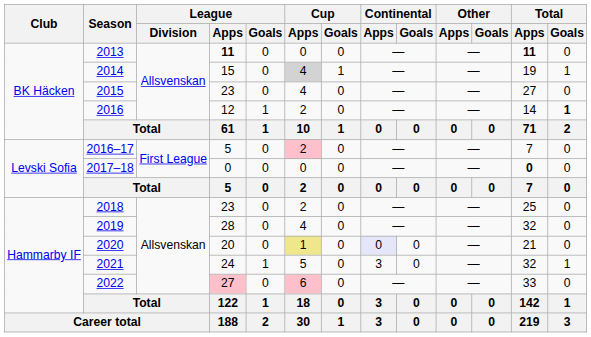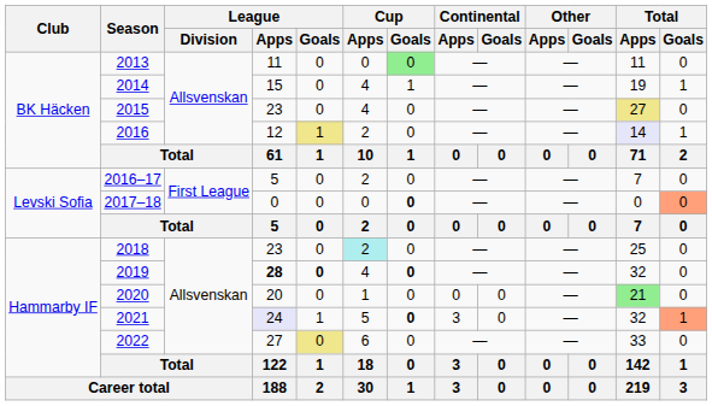 <table class="wikitable" style="text-align:center">
 <tr>
 <th rowspan="2">Club</th>
 <th rowspan="2">Season</th>
 <th colspan="3">League</th>
 <th colspan="2">Cup</th>
 <th colspan="2">Continental</th>
 <th colspan="2">Other</th>
 <th colspan="2">Total</th>
 </tr>
 <tr>
 <th>Division</th>
 <th>Apps</th>
 <th>Goals</th>
 <th>Apps</th>
 <th>Goals</th>
 <th>Apps</th>
 <th>Goals</th>
 <th>Apps</th>
 <th>Goals</th>
 <th>Apps</th>
 <th>Goals</th>
 </tr>
 <tr>
 <td rowspan="5"><a href='#'>BK Häcken</a></td>
 <td><a href='#'>2013</a></td>
 <td rowspan="4"><a href='#'>Allsvenskan</a></td>
-<td><strong>11</strong></td>
+<td>11</td>
 <td>0</td>
 <td>0</td>
-<td>0</td>
+<td style="background: lightgreen;">0</td>
 <td colspan="2">—</td>
 <td colspan="2">—</td>
-<td><strong>11</strong></td>
+<td>11</td>
 <td>0</td>
 </tr>
 <tr>
 <td><a href='#'>2014</a></td>
 <td>15</td>
 <td>0</td>
-<td style="background: lightgrey;">4</td>
+<td>4</td>
 <td>1</td>
 <td colspan="2">—</td>
 <td colspan="2">—</td>
 <td>19</td>
 <td>1</td>
 </tr>
 <tr>
 <td><a href='#'>2015</a></td>
 <td>23</td>
 <td>0</td>
 <td>4</td>
 <td>0</td>
 <td colspan="2">—</td>
 <td colspan="2">—</td>
-<td>27</td>
+<td style="background: khaki;">27</td>
 <td>0</td>
 </tr>
 <tr>
 <td><a href='#'>2016</a></td>
 <td>12</td>
-<td>1</td>
+<td style="background: khaki;">1</td>
 <td>2</td>
 <td>0</td>
 <td colspan="2">—</td>
 <td colspan="2">—</td>
-<td>14</td>
-<td><strong>1</strong></td>
+<td style="background: lavender;">14</td>
+<td>1</td>
 </tr>
 <tr>
 <th colspan="2">Total</th>
 <th>61</th>
 <th>1</th>
 <th>10</th>
 <th>1</th>
 <th>0</th>
 <th>0</th>
 <th>0</th>
 <th>0</th>
 <th>71</th>
 <th>2</th>
 </tr>
 <tr>
 <td rowspan="3"><a href='#'>Levski Sofia</a></td>
 <td><a href='#'>2016–17</a></td>
 <td rowspan="2"><a href='#'>First League</a></td>
 <td>5</td>
 <td>0</td>
-<td style="background: pink;">2</td>
+<td>2</td>
 <td>0</td>
 <td colspan="2">—</td>
 <td colspan="2">—</td>
 <td>7</td>
 <td>0</td>
 </tr>
 <tr>
 <td><a href='#'>2017–18</a></td>
 <td>0</td>
 <td>0</td>
 <td>0</td>
-<td>0</td>
+<td><strong>0</strong></td>
 <td colspan="2">—</td>
 <td colspan="2">—</td>
-<td><strong>0</strong></td>
 <td>0</td>
+<td style="background: lightsalmon;">0</td>
 </tr>
 <tr>
 <th colspan="2">Total</th>
 <th>5</th>
 <th>0</th>
 <th>2</th>
 <th>0</th>
 <th>0</th>
 <th>0</th>
 <th>0</th>
 <th>0</th>
 <th>7</th>
 <th>0</th>
 </tr>
 <tr>
 <td rowspan="6"><a href='#'>Hammarby IF</a></td>
 <td><a href='#'>2018</a></td>
 <td rowspan="5">Allsvenskan</td>
 <td>23</td>
 <td>0</td>
-<td>2</td>
+<td style="background: paleturquoise;">2</td>
 <td>0</td>
 <td colspan="2">—</td>
 <td colspan="2">—</td>
 <td>25</td>
 <td>0</td>
 </tr>
 <tr>
 <td><a href='#'>2019</a></td>
-<td>28</td>
-<td>0</td>
+<td><strong>28</strong></td>
+<td><strong>0</strong></td>
 <td>4</td>
-<td>0</td>
+<td><strong>0</strong></td>
 <td colspan="2">—</td>
 <td colspan="2">—</td>
 <td>32</td>
 <td>0</td>
 </tr>
 <tr>
 <td><a href='#'>2020</a></td>
 <td>20</td>
 <td>0</td>
-<td style="background: khaki;">1</td>
+<td>1</td>
 <td>0</td>
-<td style="background: lavender;">0</td>
+<td>0</td>
 <td>0</td>
 <td colspan="2">—</td>
-<td>21</td>
+<td style="background: lightgreen;">21</td>
 <td>0</td>
 </tr>
 <tr>
 <td><a href='#'>2021</a></td>
-<td>24</td>
+<td style="background: lavender;">24</td>
 <td>1</td>
 <td>5</td>
-<td>0</td>
+<td><strong>0</strong></td>
 <td>3</td>
 <td>0</td>
 <td colspan="2">—</td>
 <td>32</td>
-<td>1</td>
+<td style="background: lightsalmon;">1</td>
 </tr>
 <tr>
 <td><a href='#'>2022</a></td>
-<td style="background: pink;">27</td>
-<td>0</td>
-<td style="background: pink;">6</td>
+<td>27</td>
+<td style="background: khaki;">0</td>
+<td>6</td>
 <td>0</td>
 <td colspan="2">—</td>
 <td colspan="2">—</td>
 <td>33</td>
 <td>0</td>
 </tr>
 <tr>
 <th colspan="2">Total</th>
 <th>122</th>
 <th>1</th>
 <th>18</th>
 <th>0</th>
 <th>3</th>
 <th>0</th>
 <th>0</th>
 <th>0</th>
 <th>142</th>
 <th>1</th>
 </tr>
 <tr>
 <th colspan="3">Career total</th>
 <th>188</th>
 <th>2</th>
 <th>30</th>
 <th>1</th>
 <th>3</th>
 <th>0</th>
 <th>0</th>
 <th>0</th>
 <th>219</th>
 <th>3</th>
 </tr>
 </table>
